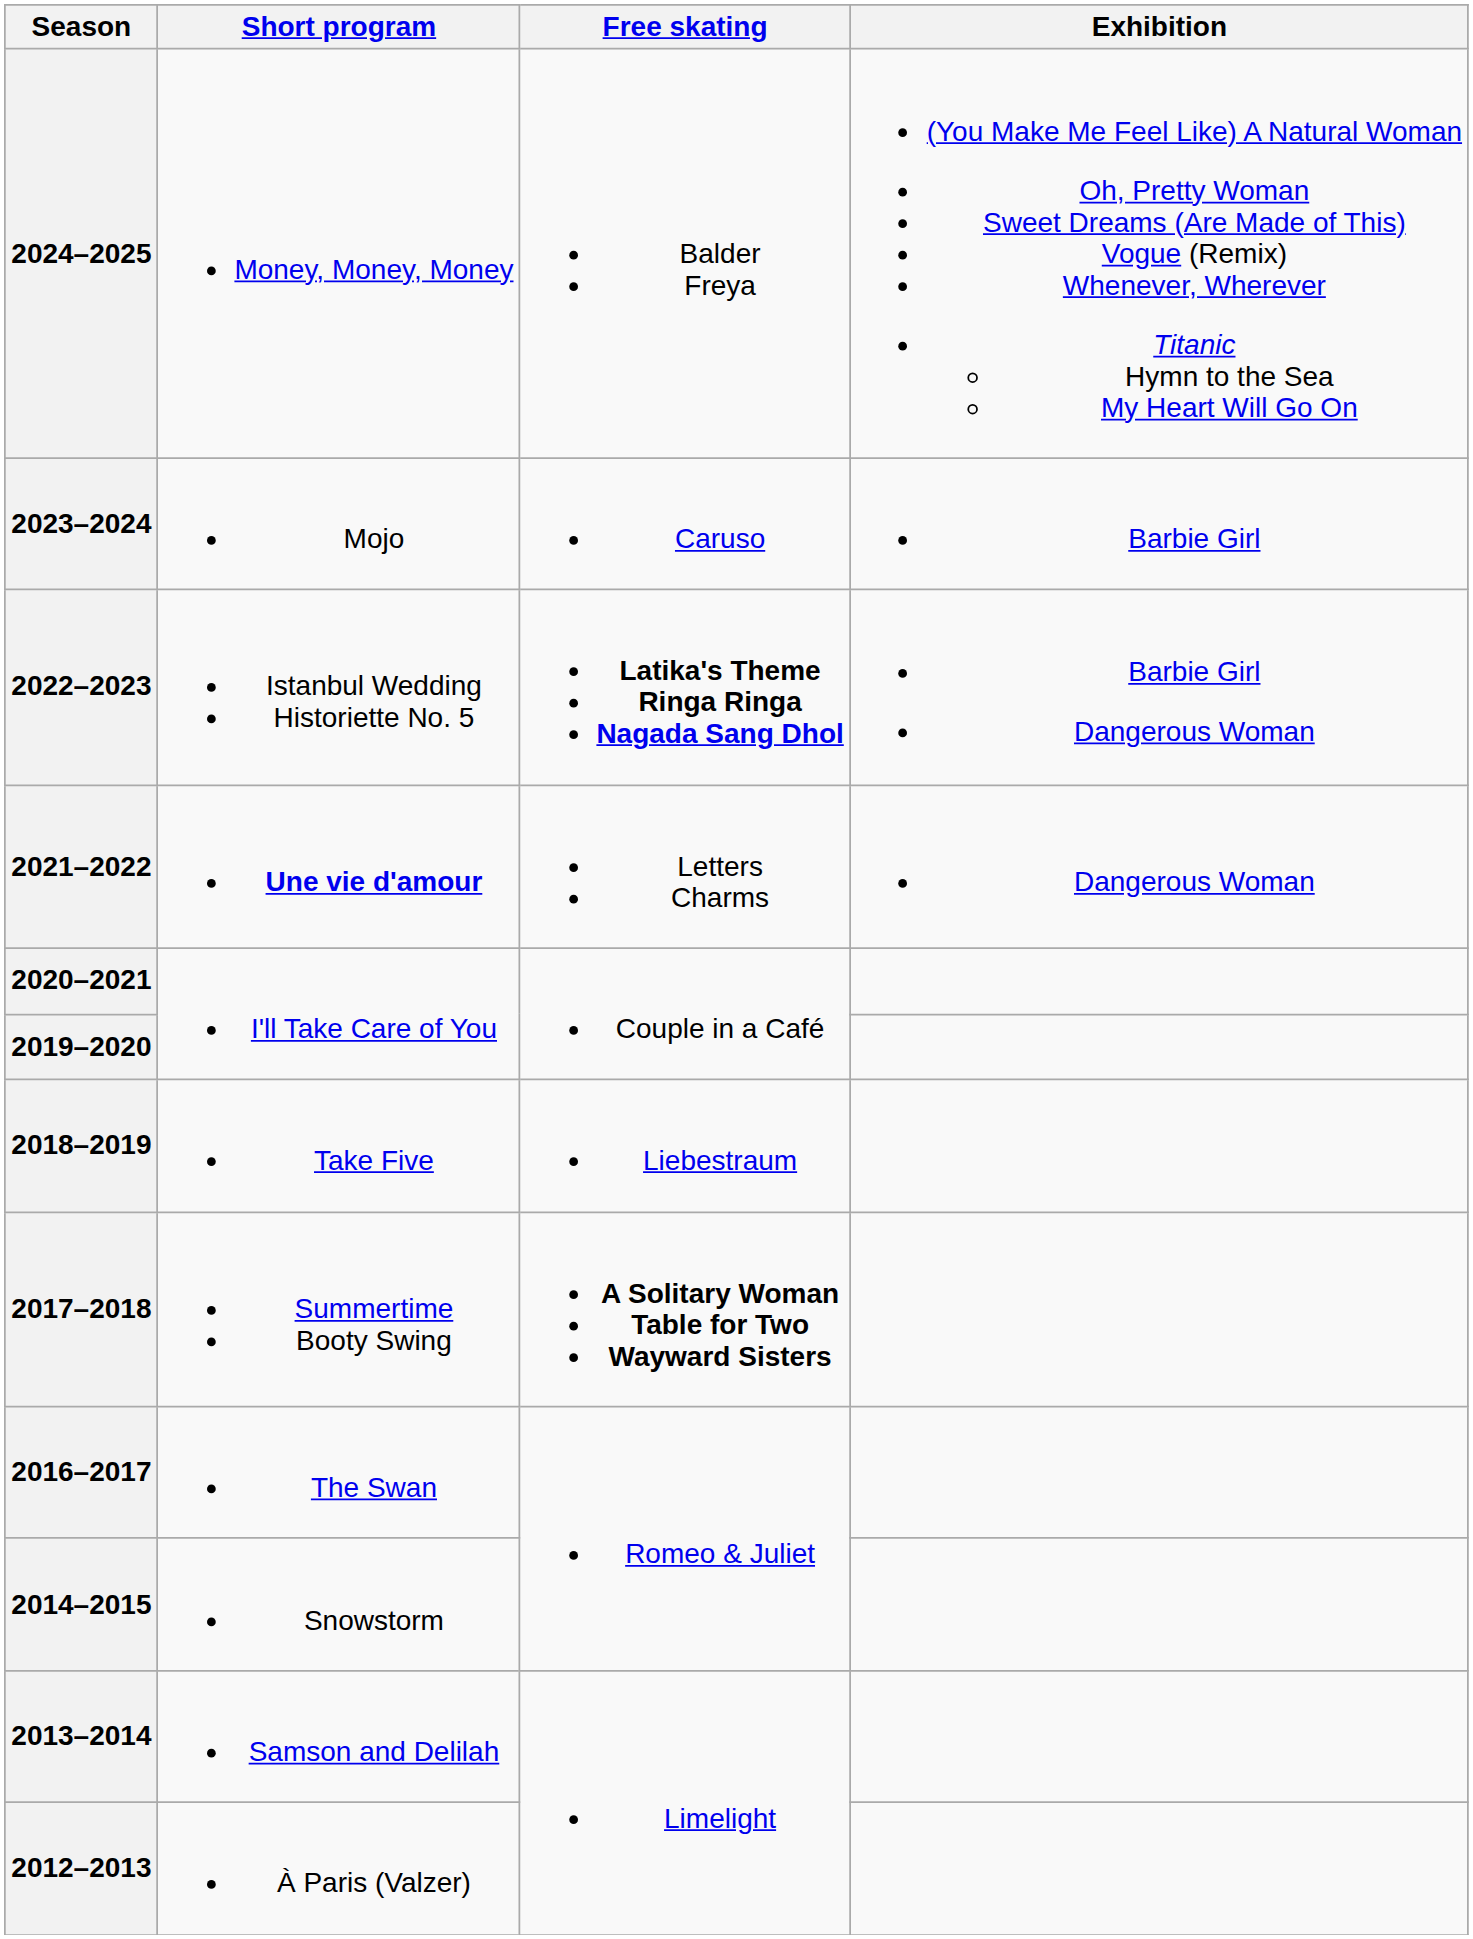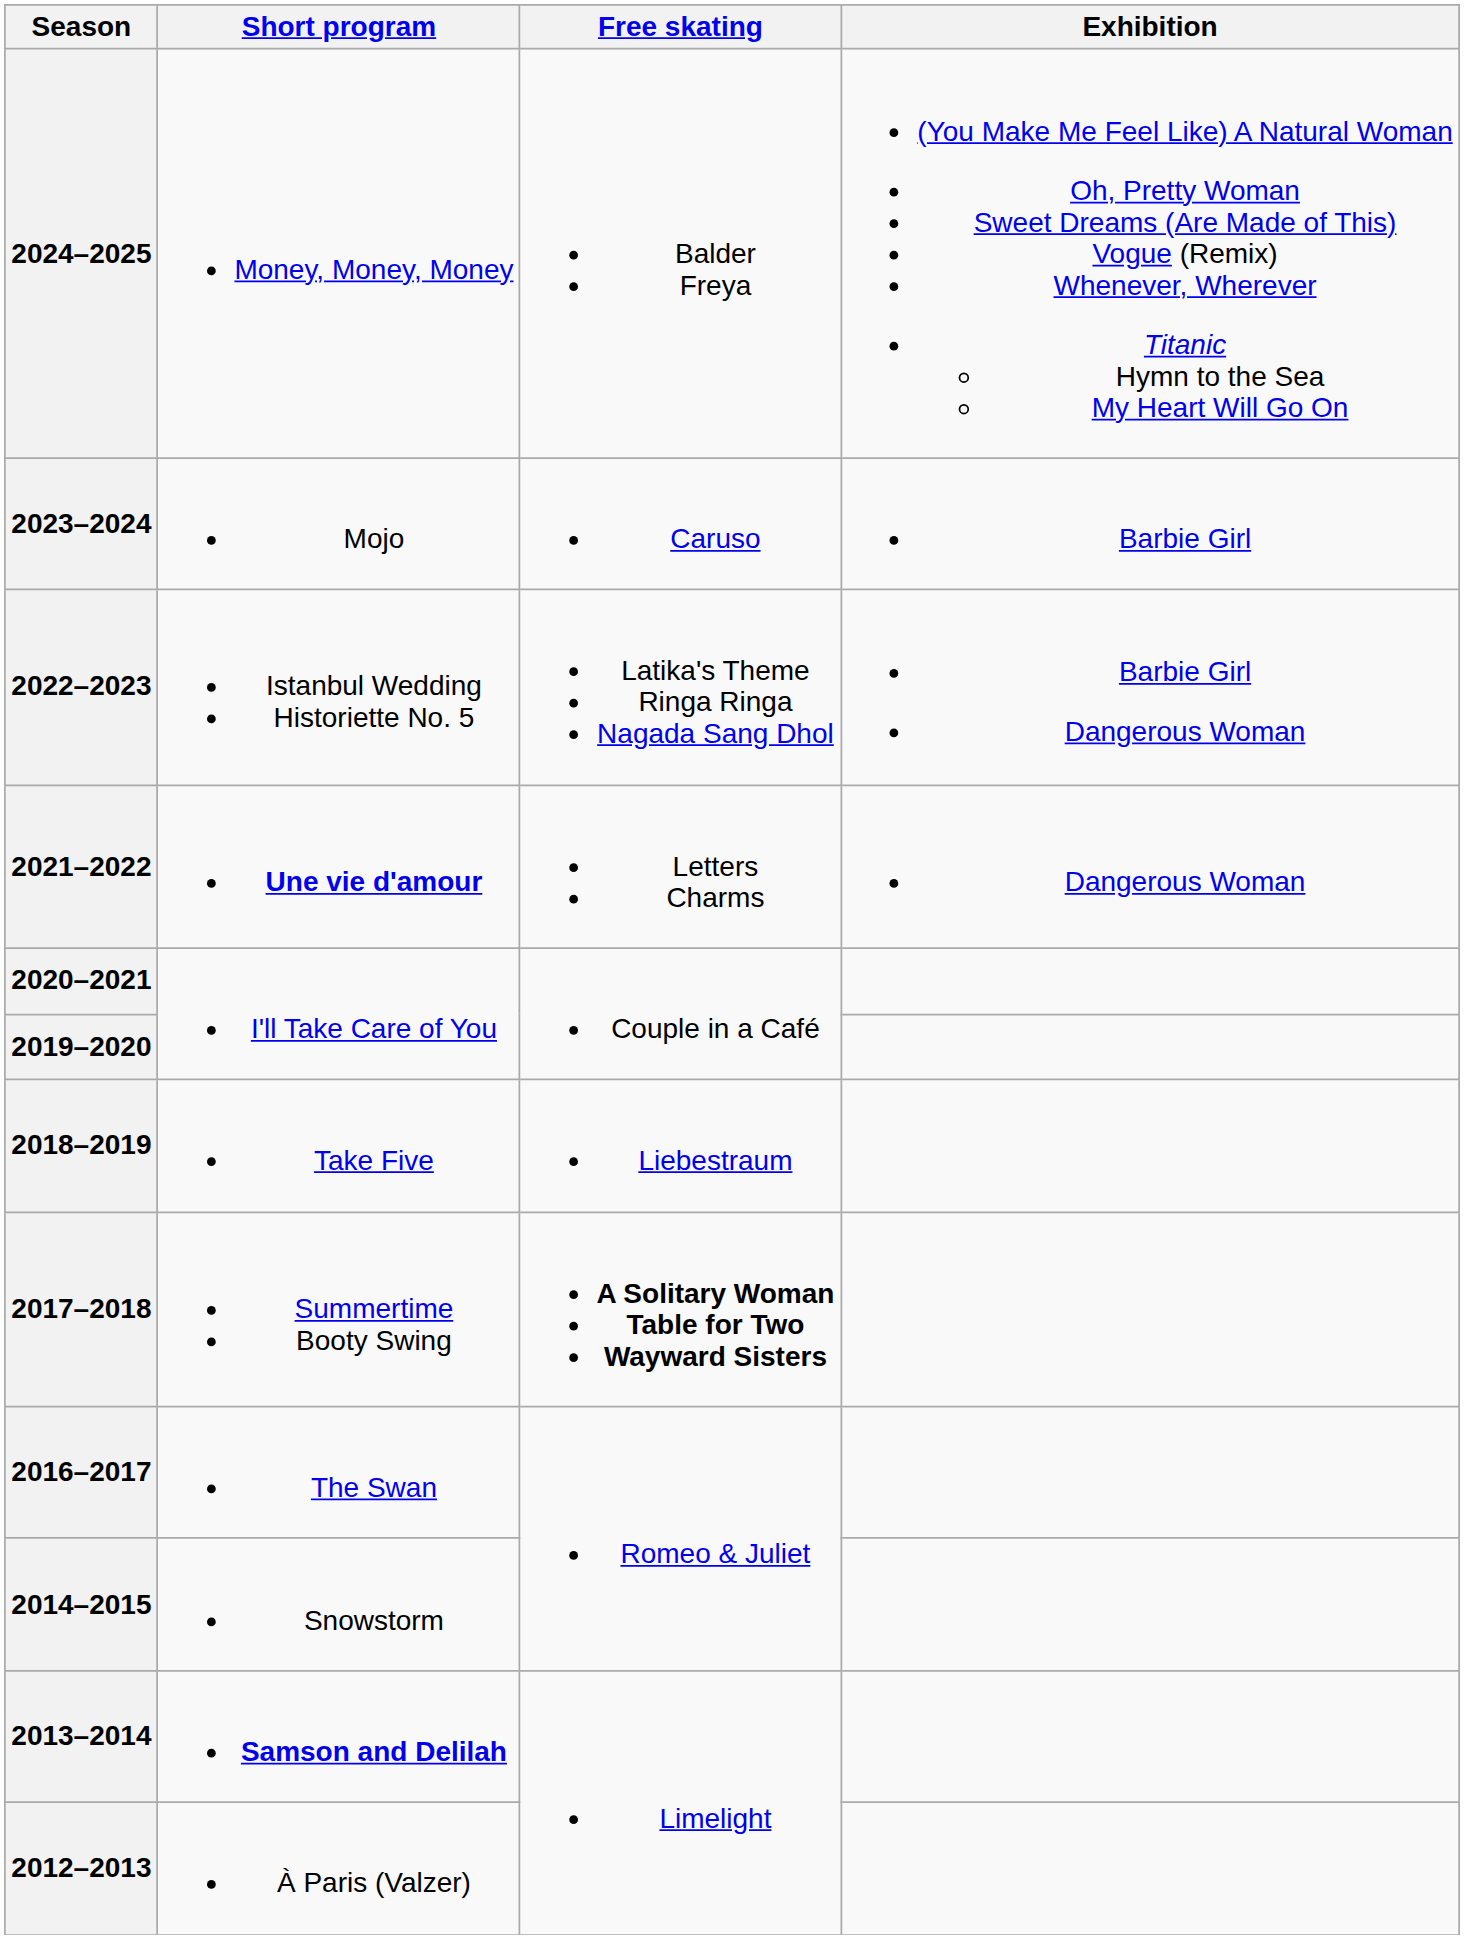 <table class=wikitable style=text-align:center>
 <tr>
 <th>Season</th>
 <th><a href='#'>Short program</a></th>
 <th><a href='#'>Free skating</a></th>
 <th>Exhibition</th>
 </tr>
 <tr>
 <th>2024–2025 <br></th>
 <td><br><ul><li><a href='#'>Money, Money, Money</a> <br> </li></ul></td>
 <td><br><ul><li>Balder</li><li>Freya<br> </li></ul></td>
 <td><br><ul><li><a href='#'>(You Make Me Feel Like) A Natural Woman</a> <br> </li></ul><ul><li><a href='#'>Oh, Pretty Woman</a> <br> </li><li><a href='#'>Sweet Dreams (Are Made of This)</a> <br> </li><li><a href='#'>Vogue</a> (Remix) <br> </li><li><a href='#'>Whenever, Wherever</a> <br> </li></ul><ul><li><em><a href='#'>Titanic</a></em><ul><li>Hymn to the Sea <br></li><li><a href='#'>My Heart Will Go On</a> <br></li></ul></li></ul></td>
 </tr>
 <tr>
 <th>2023–2024 <br></th>
 <td><br><ul><li>Mojo<br> </li></ul></td>
 <td><br><ul><li><a href='#'>Caruso</a><br> </li></ul></td>
 <td><br><ul><li><a href='#'>Barbie Girl</a> <br> </li></ul></td>
 </tr>
 <tr>
 <th>2022–2023 <br></th>
 <td><br><ul><li>Istanbul Wedding</li><li>Historiette No. 5<br> </li></ul></td>
-<td><strong><br><ul><li>Latika's Theme</li><li>Ringa Ringa <br> </li><li><a href='#'>Nagada Sang Dhol</a> <br> </li></ul></strong></td>
+<td><br><ul><li>Latika's Theme</li><li>Ringa Ringa <br> </li><li><a href='#'>Nagada Sang Dhol</a> <br> </li></ul></td>
 <td><br><ul><li><a href='#'>Barbie Girl</a> <br> </li></ul><ul><li><a href='#'>Dangerous Woman</a> <br> </li></ul></td>
 </tr>
 <tr>
 <th>2021–2022 <br></th>
 <td><strong><br><ul><li><a href='#'>Une vie d'amour</a> <br> </li></ul></strong></td>
 <td><br><ul><li>Letters</li><li>Charms <br> </li></ul></td>
 <td><br><ul><li><a href='#'>Dangerous Woman</a> <br> </li></ul></td>
 </tr>
 <tr>
 <th>2020–2021 <br></th>
 <td rowspan="2"><br><ul><li><a href='#'>I'll Take Care of You</a> <br> </li></ul></td>
 <td rowspan="2"><br><ul><li>Couple in a Café <br> </li></ul></td>
 <td></td>
 </tr>
 <tr>
 <th>2019–2020 <br></th>
 <td></td>
 </tr>
 <tr>
 <th>2018–2019 <br></th>
 <td><br><ul><li><a href='#'>Take Five</a> <br> </li></ul></td>
 <td><br><ul><li><a href='#'>Liebestraum</a> <br> </li></ul></td>
 <td></td>
 </tr>
 <tr>
 <th>2017–2018 <br></th>
 <td><br><ul><li><a href='#'>Summertime</a> <br></li><li>Booty Swing <br></li></ul></td>
 <td><strong><br><ul><li>A Solitary Woman</li><li>Table for Two</li><li>Wayward Sisters <br> </li></ul></strong></td>
 <td></td>
 </tr>
 <tr>
 <th>2016–2017 <br></th>
 <td><br><ul><li><a href='#'>The Swan</a> <br></li></ul></td>
 <td rowspan="2"><br><ul><li><a href='#'>Romeo & Juliet</a> <br></li></ul></td>
 <td></td>
 </tr>
 <tr>
 <th>2014–2015 <br></th>
 <td><br><ul><li>Snowstorm <br></li></ul></td>
 <td></td>
 </tr>
 <tr>
 <th>2013–2014 <br></th>
-<td><br><ul><li><a href='#'>Samson and Delilah</a> <br> </li></ul></td>
+<td><strong><br><ul><li><a href='#'>Samson and Delilah</a> <br> </li></ul></strong></td>
 <td rowspan="2"><br><ul><li><a href='#'>Limelight</a> <br> </li></ul></td>
 <td></td>
 </tr>
 <tr>
 <th>2012–2013 <br></th>
 <td><br><ul><li>À Paris (Valzer) <br> </li></ul></td>
 <td></td>
 </tr>
 </table>
